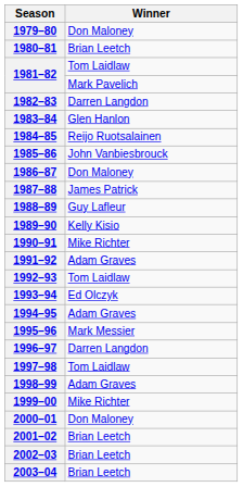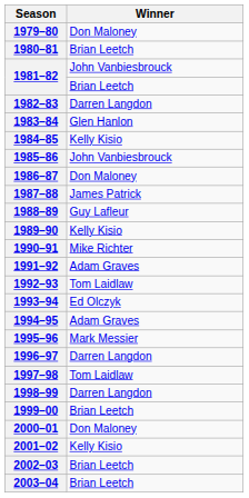 <table class="wikitable">
 <tr>
 <th scope="col" style="width:5em">Season</th>
 <th scope="col" style="width:15em">Winner</th>
 </tr>
 <tr>
 <th scope="row"><a href='#'>1979–80</a></th>
 <td><a href='#'>Don Maloney</a></td>
 </tr>
 <tr>
 <th scope="row"><a href='#'>1980–81</a></th>
 <td><a href='#'>Brian Leetch</a></td>
 </tr>
 <tr>
 <th scope="row" rowspan="2"><a href='#'>1981–82</a></th>
-<td><a href='#'>Tom Laidlaw</a></td>
+<td><a href='#'>John Vanbiesbrouck</a></td>
 </tr>
 <tr>
-<td><a href='#'>Mark Pavelich</a></td>
+<td><a href='#'>Brian Leetch</a></td>
 </tr>
 <tr>
 <th scope="row"><a href='#'>1982–83</a></th>
 <td><a href='#'>Darren Langdon</a></td>
 </tr>
 <tr>
 <th scope="row"><a href='#'>1983–84</a></th>
 <td><a href='#'>Glen Hanlon</a></td>
 </tr>
 <tr>
 <th scope="row"><a href='#'>1984–85</a></th>
-<td><a href='#'>Reijo Ruotsalainen</a></td>
+<td><a href='#'>Kelly Kisio</a></td>
 </tr>
 <tr>
 <th scope="row"><a href='#'>1985–86</a></th>
 <td><a href='#'>John Vanbiesbrouck</a></td>
 </tr>
 <tr>
 <th scope="row"><a href='#'>1986–87</a></th>
 <td><a href='#'>Don Maloney</a></td>
 </tr>
 <tr>
 <th scope="row"><a href='#'>1987–88</a></th>
 <td><a href='#'>James Patrick</a></td>
 </tr>
 <tr>
 <th scope="row"><a href='#'>1988–89</a></th>
 <td><a href='#'>Guy Lafleur</a></td>
 </tr>
 <tr>
 <th scope="row"><a href='#'>1989–90</a></th>
 <td><a href='#'>Kelly Kisio</a></td>
 </tr>
 <tr>
 <th scope="row"><a href='#'>1990–91</a></th>
 <td><a href='#'>Mike Richter</a></td>
 </tr>
 <tr>
 <th scope="row"><a href='#'>1991–92</a></th>
 <td><a href='#'>Adam Graves</a></td>
 </tr>
 <tr>
 <th scope="row"><a href='#'>1992–93</a></th>
 <td><a href='#'>Tom Laidlaw</a></td>
 </tr>
 <tr>
 <th scope="row"><a href='#'>1993–94</a></th>
 <td><a href='#'>Ed Olczyk</a></td>
 </tr>
 <tr>
 <th scope="row"><a href='#'>1994–95</a></th>
 <td><a href='#'>Adam Graves</a></td>
 </tr>
 <tr>
 <th scope="row"><a href='#'>1995–96</a></th>
 <td><a href='#'>Mark Messier</a></td>
 </tr>
 <tr>
 <th scope="row"><a href='#'>1996–97</a></th>
 <td><a href='#'>Darren Langdon</a></td>
 </tr>
 <tr>
 <th scope="row"><a href='#'>1997–98</a></th>
 <td><a href='#'>Tom Laidlaw</a></td>
 </tr>
 <tr>
 <th scope="row"><a href='#'>1998–99</a></th>
-<td><a href='#'>Adam Graves</a></td>
+<td><a href='#'>Darren Langdon</a></td>
 </tr>
 <tr>
 <th scope="row"><a href='#'>1999–00</a></th>
-<td><a href='#'>Mike Richter</a></td>
+<td><a href='#'>Brian Leetch</a></td>
 </tr>
 <tr>
 <th scope="row"><a href='#'>2000–01</a></th>
 <td><a href='#'>Don Maloney</a></td>
 </tr>
 <tr>
 <th scope="row"><a href='#'>2001–02</a></th>
-<td><a href='#'>Brian Leetch</a></td>
+<td><a href='#'>Kelly Kisio</a></td>
 </tr>
 <tr>
 <th scope="row"><a href='#'>2002–03</a></th>
 <td><a href='#'>Brian Leetch</a></td>
 </tr>
 <tr>
 <th scope="row"><a href='#'>2003–04</a></th>
 <td><a href='#'>Brian Leetch</a></td>
 </tr>
 </table>
